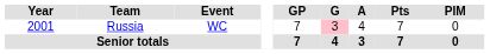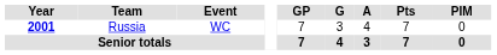 <table border="0" cellpadding="1" cellspacing="0" style="text-align:center; width:40em">
 <tr ALIGN="center" bgcolor="#e0e0e0">
 <th>Year</th>
 <th>Team</th>
 <th>Event</th>
 <th ALIGN="center" rowspan="99" bgcolor="#ffffff"> </th>
 <th>GP</th>
 <th>G</th>
 <th>A</th>
 <th>Pts</th>
 <th>PIM</th>
 </tr>
 <tr>
-<td><a href='#'>2001</a></td>
+<td><strong><a href='#'>2001</a></strong></td>
 <td><a href='#'>Russia</a></td>
 <td><a href='#'>WC</a></td>
 <td>7</td>
-<td style="background: pink;">3</td>
+<td>3</td>
 <td>4</td>
 <td>7</td>
 <td>0</td>
 </tr>
 <tr bgcolor="#e0e0e0">
 <th colspan="3">Senior totals</th>
 <th>7</th>
 <th>4</th>
 <th>3</th>
 <th>7</th>
 <th>0</th>
 </tr>
 </table>
